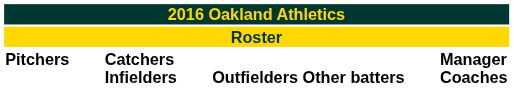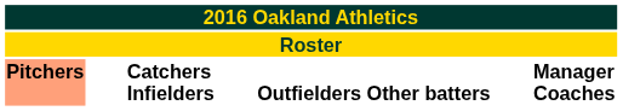 <table class="toccolours" style="font-size: 95%;">
 <tr>
 <th colspan="10" style="background:#003831; color:#ffd800; text-align:center;">2016 Oakland Athletics</th>
 </tr>
 <tr>
 <td colspan="10" style="background:#ffd800; color:#003831; text-align:center;"><strong>Roster</strong></td>
 </tr>
 <tr>
-<td valign="top"><strong>Pitchers</strong><br>                        </td>
+<td valign="top" style="background: lightsalmon;"><strong>Pitchers</strong><br>                        </td>
 <td style="width:25px;"></td>
 <td valign="top"><strong>Catchers</strong><br>    <strong>Infielders</strong>            </td>
 <td style="width:25px;"></td>
 <td valign="top"><br><strong>Outfielders</strong>         <strong>Other batters</strong>  </td>
 <td style="width:25px;"></td>
 <td valign="top"><strong>Manager</strong><br> <strong>Coaches</strong>                </td>
 </tr>
 </table>
